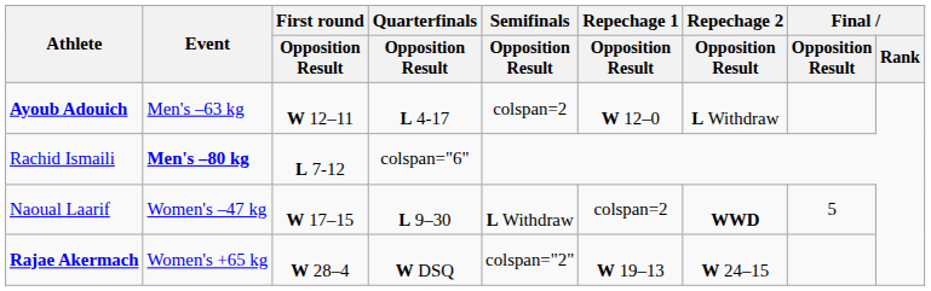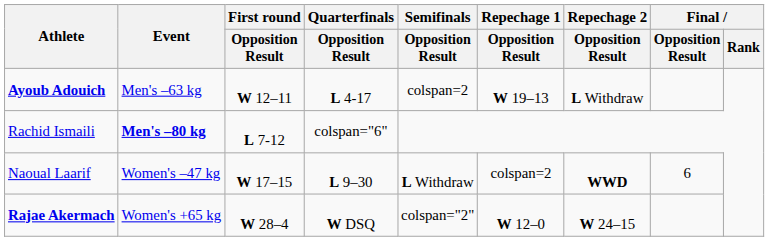 <table class="wikitable" style="font-size:90%;">
 <tr>
 <th rowspan=2>Athlete</th>
 <th rowspan=2>Event</th>
 <th>First round</th>
 <th>Quarterfinals</th>
 <th>Semifinals</th>
 <th>Repechage 1</th>
 <th>Repechage 2</th>
 <th colspan=2>Final / </th>
 </tr>
 <tr style="font-size:95%">
 <th>Opposition<br>Result</th>
 <th>Opposition<br>Result</th>
 <th>Opposition<br>Result</th>
 <th>Opposition<br>Result</th>
 <th>Opposition<br>Result</th>
 <th>Opposition<br>Result</th>
 <th>Rank</th>
 </tr>
 <tr align=center>
 <td align=left><strong><a href='#'>Ayoub Adouich</a></strong></td>
 <td align=left><a href='#'>Men's –63 kg</a></td>
 <td><br><strong>W</strong> 12–11</td>
 <td><br><strong>L</strong> 4-17</td>
 <td>colspan=2 </td>
-<td><br><strong>W</strong> 12–0</td>
+<td><br><strong>W</strong> 19–13</td>
 <td><br><strong>L</strong> Withdraw</td>
 <td></td>
 </tr>
 <tr align=center>
 <td align=left><a href='#'>Rachid Ismaili</a></td>
 <td align=left><strong><a href='#'>Men's –80 kg</a></strong></td>
 <td><br><strong>L</strong> 7-12</td>
 <td>colspan="6" </td>
 </tr>
 <tr align=center>
 <td align=left><a href='#'>Naoual Laarif</a></td>
 <td align=left><a href='#'>Women's –47 kg</a></td>
 <td><br><strong>W</strong> 17–15</td>
 <td><br><strong>L</strong> 9–30</td>
 <td><br><strong>L</strong> Withdraw</td>
 <td>colspan=2 </td>
 <td><br><strong>WWD</strong></td>
-<td>5</td>
+<td>6</td>
 </tr>
 <tr align=center>
 <td align=left><strong><a href='#'>Rajae Akermach</a></strong></td>
 <td align=left><a href='#'>Women's +65 kg</a></td>
 <td><br><strong>W</strong> 28–4</td>
 <td><br><strong>W</strong> DSQ</td>
 <td>colspan="2" </td>
-<td><br><strong>W</strong> 19–13</td>
+<td><br><strong>W</strong> 12–0</td>
 <td><br><strong>W</strong> 24–15</td>
 <td></td>
 </tr>
 </table>
